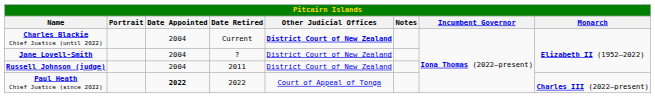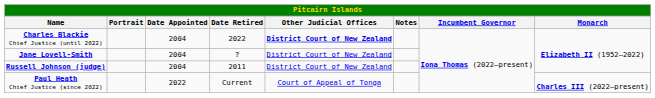 <table class="wikitable sortable" style="font-size:85%;text-align:center">
 <tr>
 <th align=center style="background:green; color:gold;" colspan="8"> Pitcairn Islands <strong></strong></th>
 </tr>
 <tr>
 <th>Name</th>
 <th>Portrait</th>
 <th>Date Appointed</th>
 <th>Date Retired</th>
 <th>Other Judicial Offices</th>
 <th>Notes</th>
 <th><a href='#'>Incumbent Governor</a></th>
 <th><a href='#'>Monarch</a></th>
 </tr>
 <tr>
 <td><strong><a href='#'>Charles Blackie</a></strong><br><small>Chief Justice (until 2022)</small></td>
 <td></td>
 <td>2004</td>
-<td>Current</td>
+<td>2022</td>
 <td><strong><a href='#'>District Court of New Zealand</a></strong></td>
 <td></td>
 <td rowspan="4"><br><strong><a href='#'>Iona Thomas</a></strong> (2022–present)</td>
 <td rowspan="3"><br><strong><a href='#'>Elizabeth II</a></strong> (1952–2022)</td>
 </tr>
 <tr>
 <td><strong><a href='#'>Jane Lovell-Smith</a></strong></td>
 <td></td>
 <td>2004</td>
 <td>?</td>
 <td><a href='#'>District Court of New Zealand</a></td>
 <td></td>
 </tr>
 <tr>
 <td><strong><a href='#'>Russell Johnson (judge)</a></strong></td>
 <td></td>
 <td>2004</td>
 <td>2011</td>
 <td><a href='#'>District Court of New Zealand</a></td>
 <td></td>
 </tr>
 <tr>
 <td rowspan="2"><strong><a href='#'>Paul Heath</a></strong><br><small>Chief Justice (since 2022)</small></td>
 <td rowspan="2"></td>
-<td><strong>2022</strong></td>
 <td>2022</td>
+<td>Current</td>
 <td><a href='#'>Court of Appeal of Tonga</a></td>
 <td></td>
 <td><br><strong><a href='#'>Charles III</a></strong> (2022–present)</td>
 </tr>
 </table>
